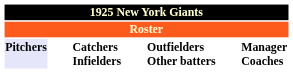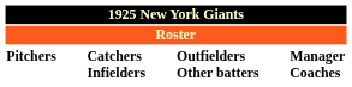 <table class="toccolours" style="font-size: 95%;">
 <tr>
 <th colspan="10" style="background-color: black; color: #FFFDD0; text-align: center;">1925 New York Giants</th>
 </tr>
 <tr>
 <td colspan="10" style="background-color: #fd5a1e; color: #FFFDD0; text-align: center;"><strong>Roster</strong></td>
 </tr>
 <tr>
-<td valign="top" style="background: lavender;"><strong>Pitchers</strong><br>              </td>
+<td valign="top"><strong>Pitchers</strong><br>              </td>
 <td width="25px"></td>
 <td valign="top"><strong>Catchers</strong><br>      <strong>Infielders</strong>          </td>
 <td width="25px"></td>
 <td valign="top"><strong>Outfielders</strong><br>            <strong>Other batters</strong> </td>
 <td width="25px"></td>
 <td valign="top"><strong>Manager</strong><br> <strong>Coaches</strong>  </td>
 </tr>
 </table>
